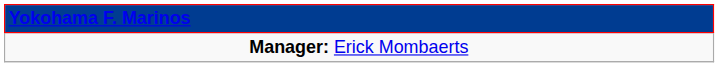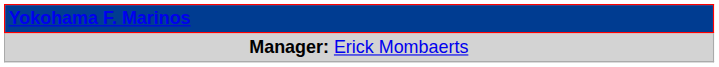 <table class="wikitable" style="width:40%; text-align:center">
 <tr>
 <th colspan="7" style="text-align:left;  background:#003C91;color:white;border:1px solid red;"> <a href='#'><span>Yokohama F. Marinos</span></a></th>
 </tr>
 <tr>
-<td><strong>Manager:</strong>  <a href='#'>Erick Mombaerts</a></td>
+<td style="background: lightgrey;"><strong>Manager:</strong>  <a href='#'>Erick Mombaerts</a></td>
 </tr>
 <tr>
 </tr>
 </table>
